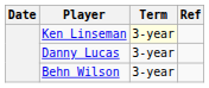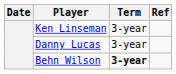 <table class="wikitable plainrowheaders">
 <tr>
 <th>Date</th>
 <th>Player</th>
 <th>Term</th>
 <th>Ref</th>
 </tr>
 <tr>
 <th scope="row" rowspan="3"></th>
 <td><a href='#'>Ken Linseman</a></td>
-<td style="background: lightyellow;">3-year</td>
+<td>3-year</td>
 <td></td>
 </tr>
 <tr>
 <td><a href='#'>Danny Lucas</a></td>
 <td>3-year</td>
 <td></td>
 </tr>
 <tr>
 <td><a href='#'>Behn Wilson</a></td>
-<td>3-year</td>
+<td><strong>3-year</strong></td>
 <td></td>
 </tr>
 </table>
